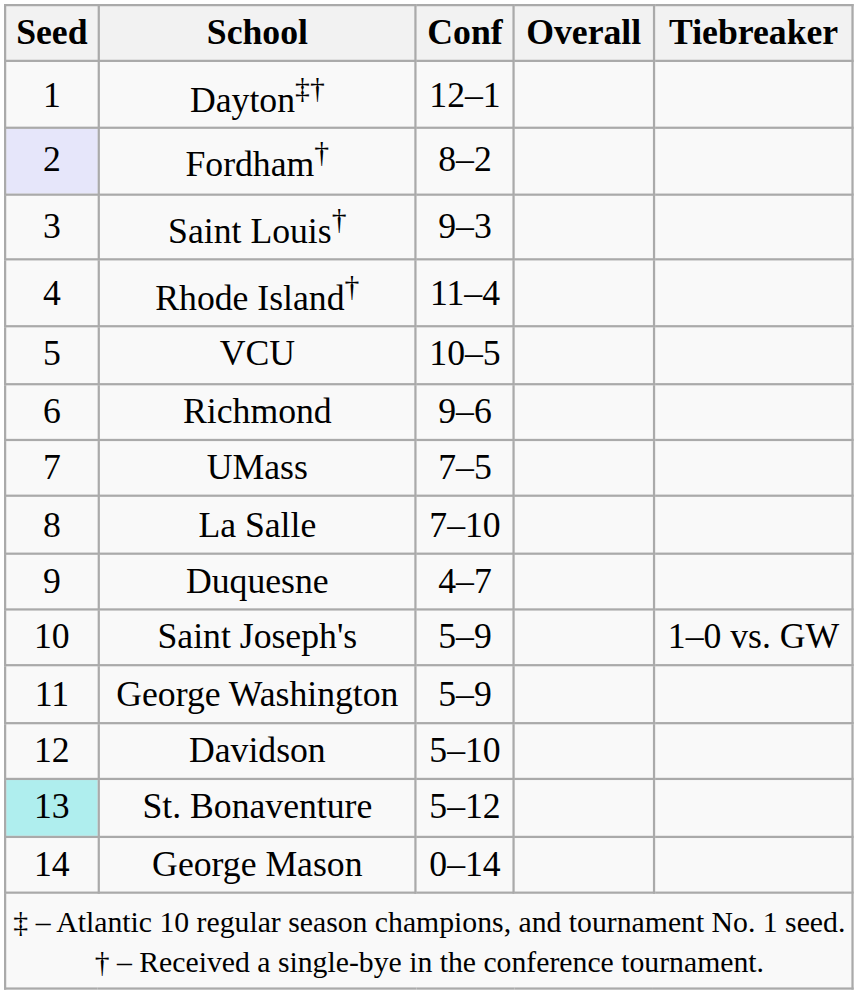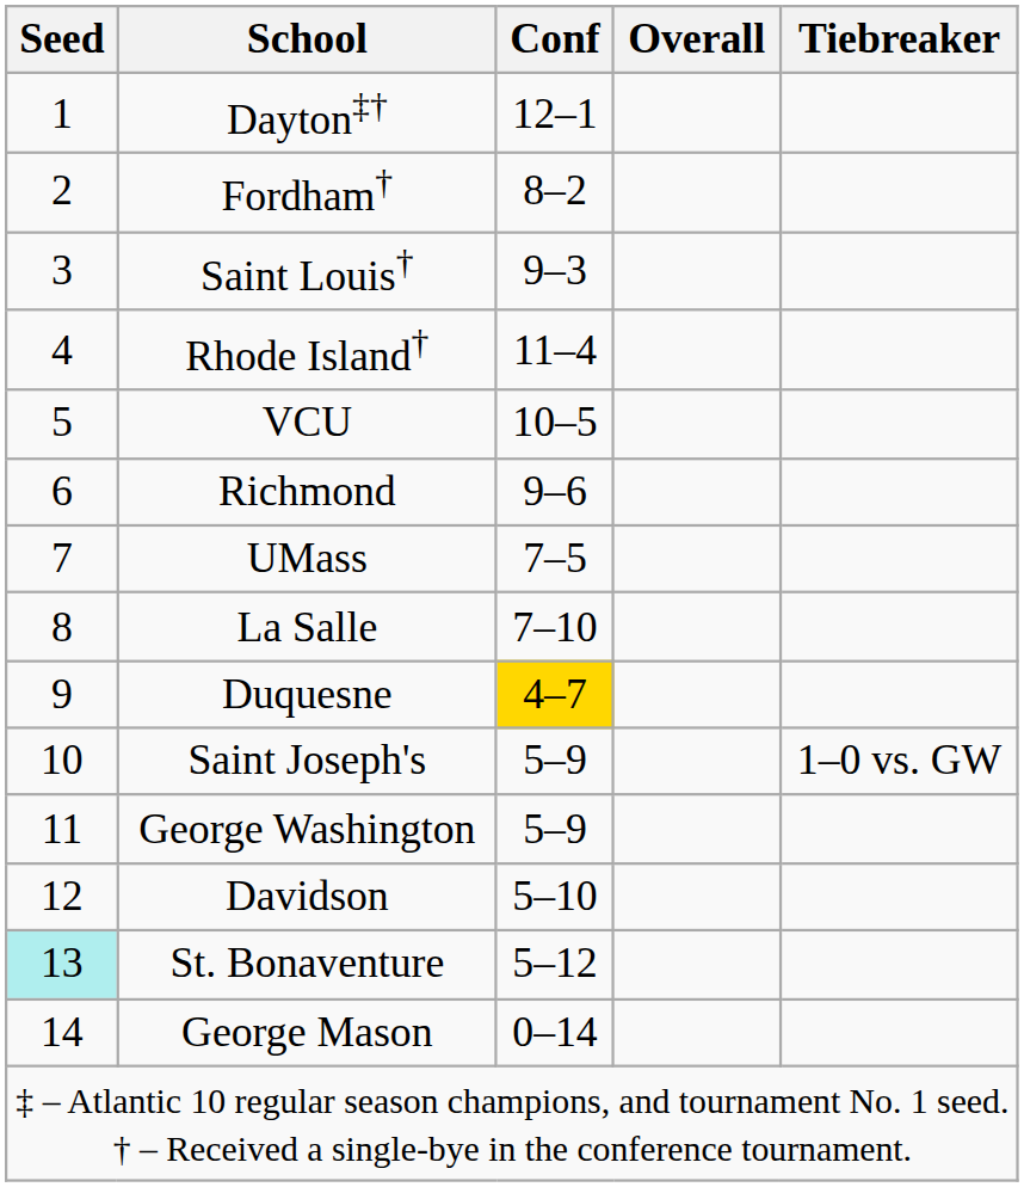 <table class="wikitable" style="text-align: center;">
 <tr bgcolor="#efefef">
 <th>Seed</th>
 <th>School</th>
 <th>Conf</th>
 <th>Overall</th>
 <th>Tiebreaker</th>
 </tr>
 <tr>
 <td>1</td>
 <td>Dayton<sup>‡†</sup></td>
 <td>12–1</td>
 <td></td>
 <td></td>
 </tr>
 <tr>
-<td style="background: lavender;">2</td>
+<td>2</td>
 <td>Fordham<sup>†</sup></td>
 <td>8–2</td>
 <td></td>
 <td></td>
 </tr>
 <tr>
 <td>3</td>
 <td>Saint Louis<sup>†</sup></td>
 <td>9–3</td>
 <td></td>
 <td></td>
 </tr>
 <tr>
 <td>4</td>
 <td>Rhode Island<sup>†</sup></td>
 <td>11–4</td>
 <td></td>
 <td></td>
 </tr>
 <tr>
 <td>5</td>
 <td>VCU</td>
 <td>10–5</td>
 <td></td>
 <td></td>
 </tr>
 <tr>
 <td>6</td>
 <td>Richmond</td>
 <td>9–6</td>
 <td></td>
 <td></td>
 </tr>
 <tr>
 <td>7</td>
 <td>UMass</td>
 <td>7–5</td>
 <td></td>
 <td></td>
 </tr>
 <tr>
 <td>8</td>
 <td>La Salle</td>
 <td>7–10</td>
 <td></td>
 <td></td>
 </tr>
 <tr>
 <td>9</td>
 <td>Duquesne</td>
-<td>4–7</td>
+<td style="background: gold;">4–7</td>
 <td></td>
 <td></td>
 </tr>
 <tr>
 <td>10</td>
 <td>Saint Joseph's</td>
 <td>5–9</td>
 <td></td>
 <td>1–0 vs. GW</td>
 </tr>
 <tr>
 <td>11</td>
 <td>George Washington</td>
 <td>5–9</td>
 <td></td>
 <td></td>
 </tr>
 <tr>
 <td>12</td>
 <td>Davidson</td>
 <td>5–10</td>
 <td></td>
 <td></td>
 </tr>
 <tr>
 <td style="background: paleturquoise;">13</td>
 <td>St. Bonaventure</td>
 <td>5–12</td>
 <td></td>
 <td></td>
 </tr>
 <tr>
 <td>14</td>
 <td>George Mason</td>
 <td>0–14</td>
 <td></td>
 <td></td>
 </tr>
 <tr>
 <td colspan="5"><small>‡ – Atlantic 10 regular season champions, and tournament No. 1 seed.</small><br><small>† – Received a single-bye in the conference tournament.</small></td>
 </tr>
 </table>
